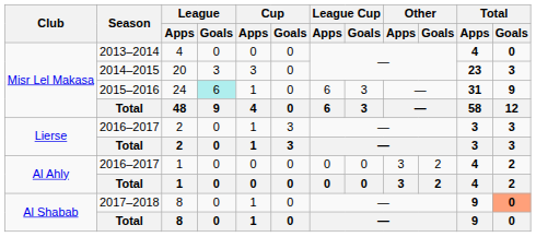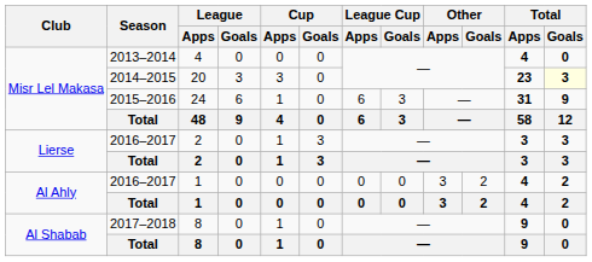 <table class="wikitable" style="text-align: center;">
 <tr>
 <th rowspan="2">Club</th>
 <th rowspan="2">Season</th>
 <th colspan="2">League</th>
 <th colspan="2">Cup</th>
 <th colspan="2">League Cup</th>
 <th colspan="2">Other</th>
 <th colspan="2">Total</th>
 </tr>
 <tr>
 <th>Apps</th>
 <th>Goals</th>
 <th>Apps</th>
 <th>Goals</th>
 <th>Apps</th>
 <th>Goals</th>
 <th>Apps</th>
 <th>Goals</th>
 <th>Apps</th>
 <th>Goals</th>
 </tr>
 <tr>
 <td rowspan=4><a href='#'>Misr Lel Makasa</a></td>
 <td Egyptian Premier League 2013–14>2013–2014</td>
 <td>4</td>
 <td>0</td>
 <td>0</td>
 <td>0</td>
 <td rowspan="2" colspan="4">—</td>
 <td><strong>4</strong></td>
 <td><strong>0</strong></td>
 </tr>
 <tr>
 <td Egyptian Premier League 2014–15>2014–2015</td>
 <td>20</td>
 <td>3</td>
 <td>3</td>
 <td>0</td>
 <td><strong>23</strong></td>
-<td><strong>3</strong></td>
+<td style="background: lightyellow;"><strong>3</strong></td>
 </tr>
 <tr>
 <td Egyptian Premier League 2015–16>2015–2016</td>
 <td>24</td>
-<td style="background: paleturquoise;">6</td>
+<td>6</td>
 <td>1</td>
 <td>0</td>
 <td>6</td>
 <td>3</td>
 <td colspan="2">—</td>
 <td><strong>31</strong></td>
 <td><strong>9</strong></td>
 </tr>
 <tr>
 <th>Total</th>
 <th>48</th>
 <th>9</th>
 <th>4</th>
 <th>0</th>
 <th>6</th>
 <th>3</th>
 <th colspan="2">—</th>
 <th>58</th>
 <th>12</th>
 </tr>
 <tr>
 <td rowspan=2><a href='#'>Lierse</a></td>
 <td Belgian Premier League 2016–17>2016–2017</td>
 <td>2</td>
 <td>0</td>
 <td>1</td>
 <td>3</td>
 <td colspan="4">—</td>
 <td><strong>3</strong></td>
 <td><strong>3</strong></td>
 </tr>
 <tr>
 <th>Total</th>
 <th>2</th>
 <th>0</th>
 <th>1</th>
 <th>3</th>
 <th colspan="4">—</th>
 <th>3</th>
 <th>3</th>
 </tr>
 <tr>
 <td rowspan=2><a href='#'>Al Ahly</a></td>
 <td Egyptian Premier League 2016–17>2016–2017</td>
 <td>1</td>
 <td>0</td>
 <td>0</td>
 <td>0</td>
 <td>0</td>
 <td>0</td>
 <td>3</td>
 <td>2</td>
 <td><strong>4</strong></td>
 <td><strong>2</strong></td>
 </tr>
 <tr>
 <th>Total</th>
 <th>1</th>
 <th>0</th>
 <th>0</th>
 <th>0</th>
 <th>0</th>
 <th>0</th>
 <th>3</th>
 <th>2</th>
 <th>4</th>
 <th>2</th>
 </tr>
 <tr>
 <td rowspan=2><a href='#'>Al Shabab</a></td>
 <td Saudi Professional League 2017–18>2017–2018</td>
 <td>8</td>
 <td>0</td>
 <td>1</td>
 <td>0</td>
 <td colspan="4">—</td>
 <td><strong>9</strong></td>
-<td style="background: lightsalmon;"><strong>0</strong></td>
+<td><strong>0</strong></td>
 </tr>
 <tr>
 <th>Total</th>
 <th>8</th>
 <th>0</th>
 <th>1</th>
 <th>0</th>
 <th colspan="4">—</th>
 <th>9</th>
 <th>0</th>
 </tr>
 </table>
